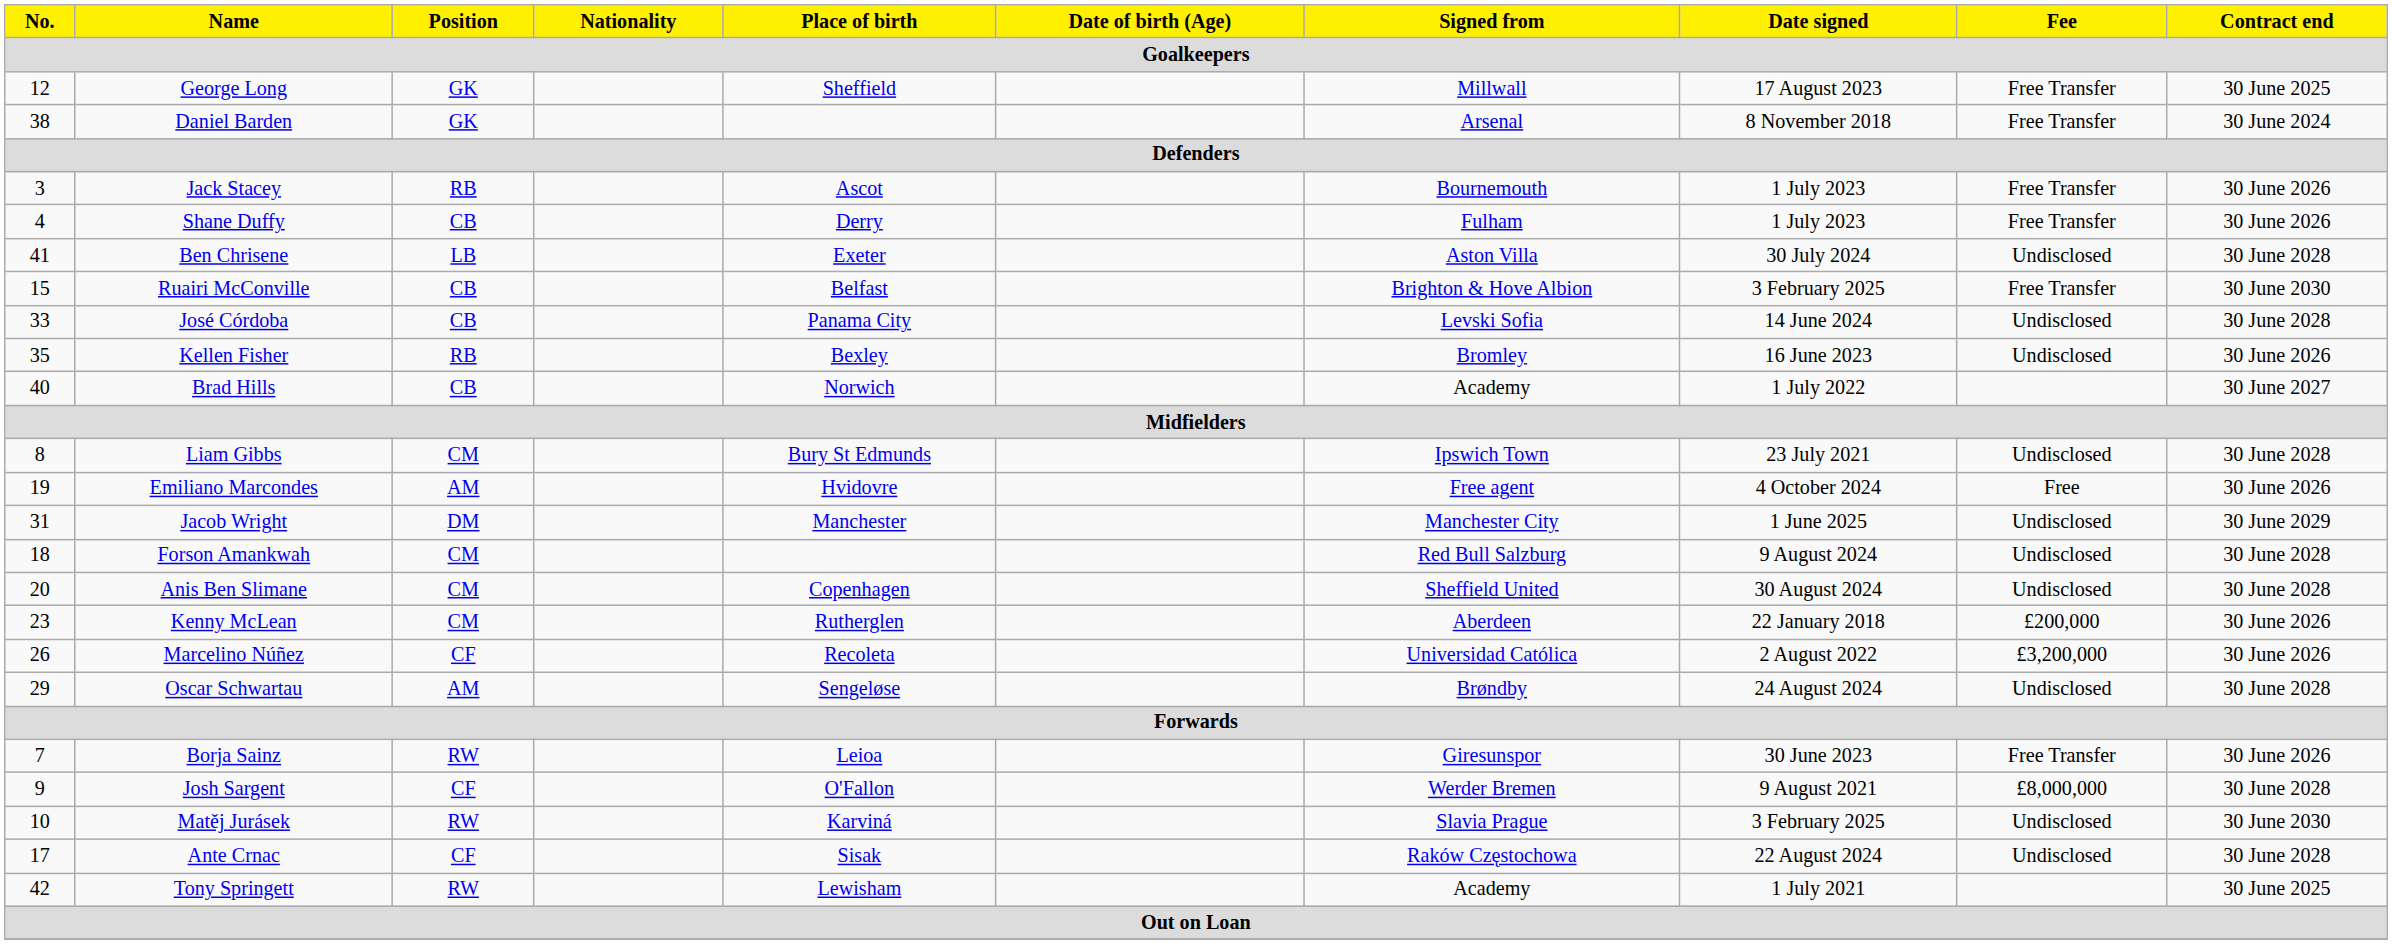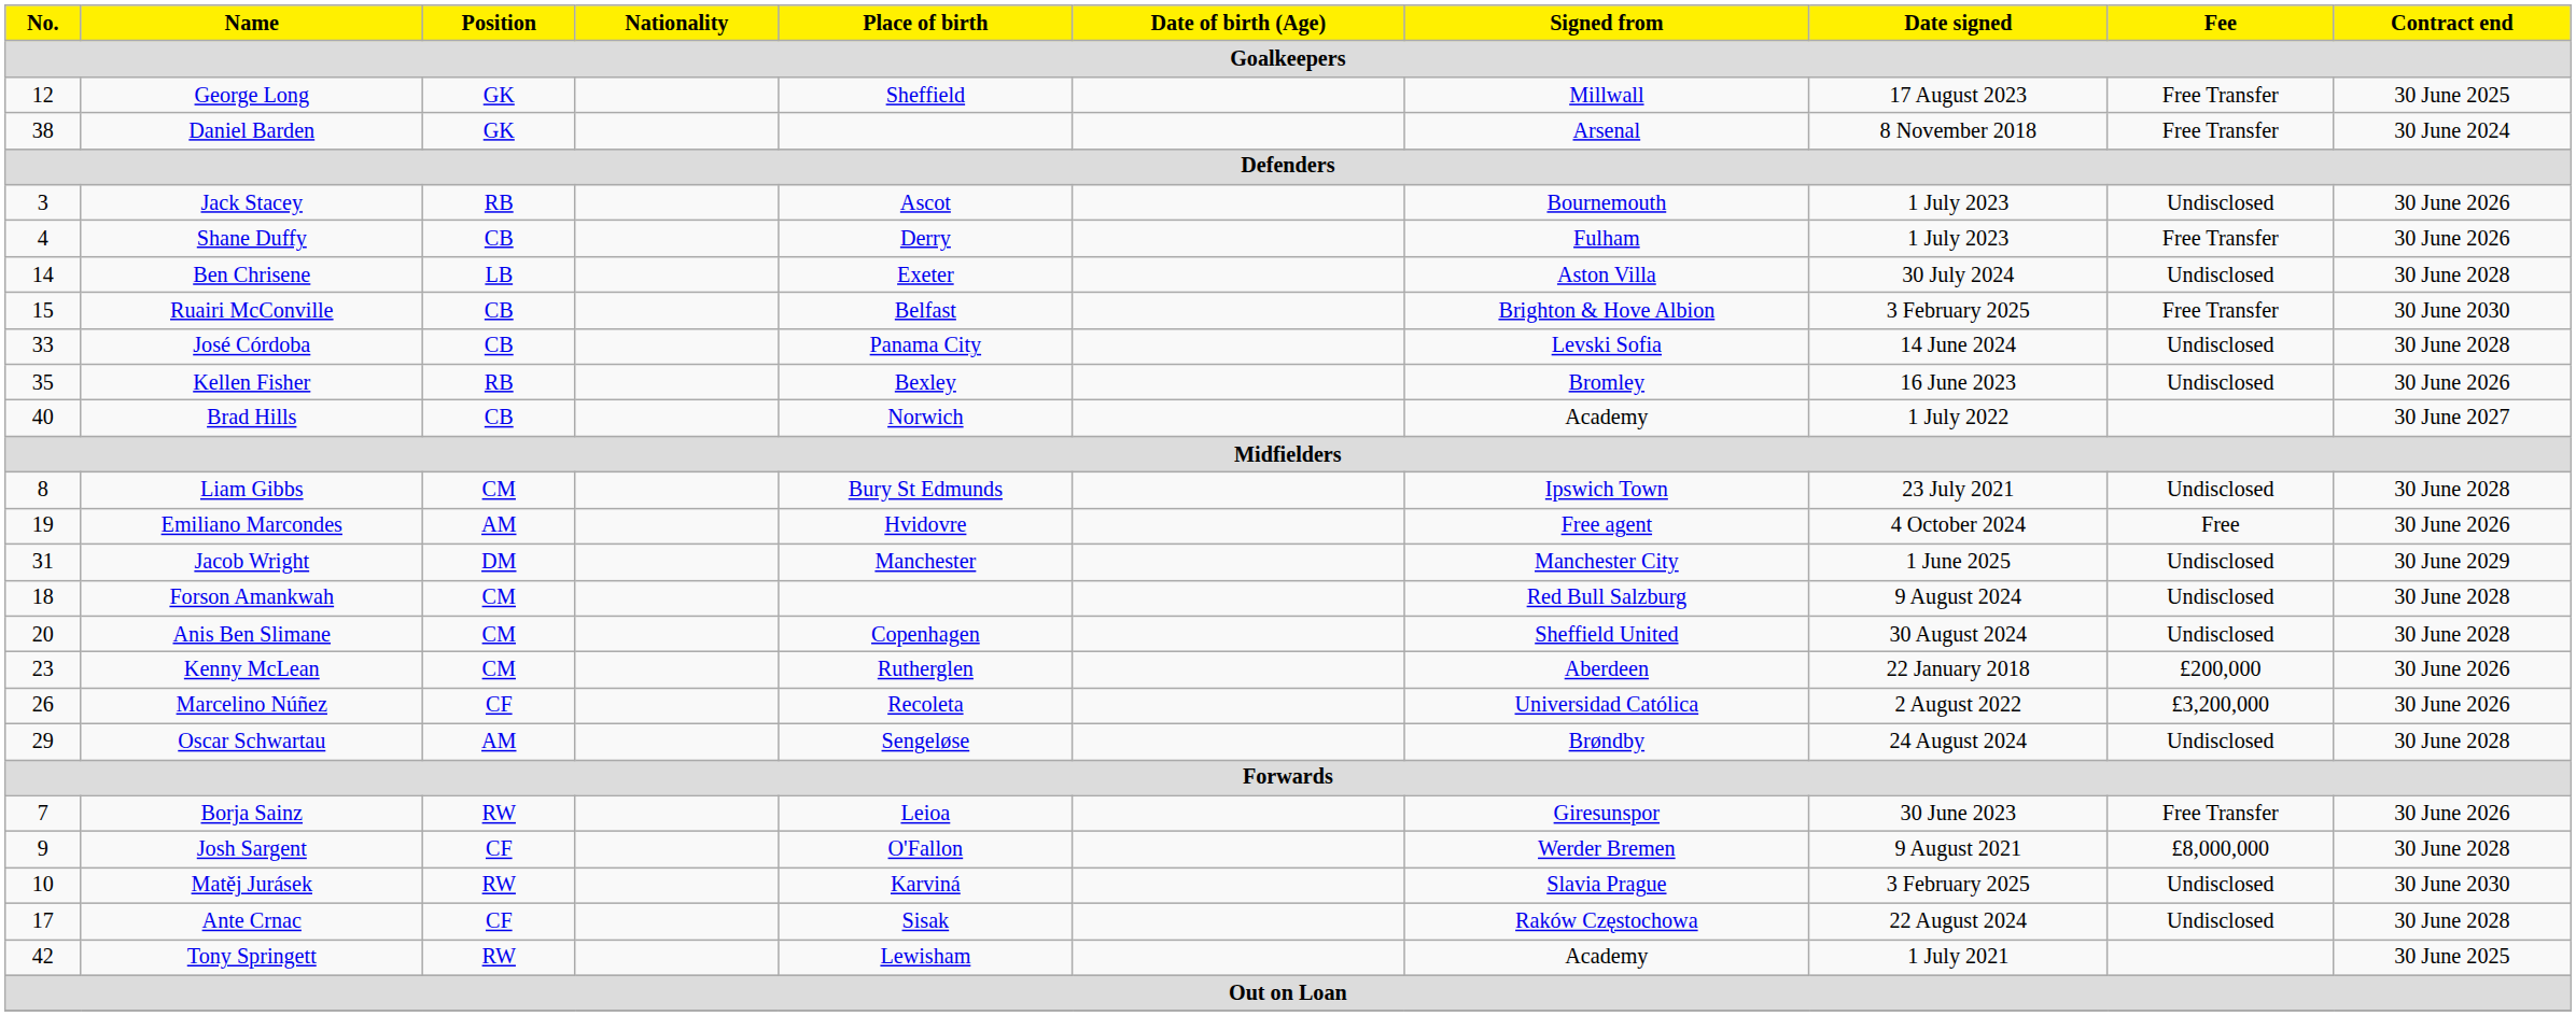 <table class="wikitable" style="text-align:center; font-size:84.5%; width:101%;">
 <tr>
 <th style="background:#fff000;color:#000000;">No.</th>
 <th style="background:#fff000;color:#000000;">Name</th>
 <th style="background:#fff000;color:#000000;">Position</th>
 <th style="background:#fff000;color:#000000;">Nationality</th>
 <th style="background:#fff000;color:#000000;">Place of birth</th>
 <th style="background:#fff000;color:#000000;">Date of birth (Age)</th>
 <th style="background:#fff000;color:#000000;">Signed from</th>
 <th style="background:#fff000;color:#000000;">Date signed</th>
 <th style="background:#fff000;color:#000000;">Fee</th>
 <th style="background:#fff000;color:#000000;">Contract end</th>
 </tr>
 <tr>
 <th colspan="14" style="background:#dcdcdc; tepxt-align:center;">Goalkeepers</th>
 </tr>
 <tr>
 <td>12</td>
 <td><a href='#'>George Long</a></td>
 <td><a href='#'>GK</a></td>
 <td></td>
 <td><a href='#'>Sheffield</a></td>
 <td></td>
 <td><a href='#'>Millwall</a></td>
 <td>17 August 2023</td>
 <td>Free Transfer</td>
 <td>30 June 2025</td>
 </tr>
 <tr>
 <td>38</td>
 <td><a href='#'>Daniel Barden</a></td>
 <td><a href='#'>GK</a></td>
 <td></td>
 <td></td>
 <td></td>
 <td><a href='#'>Arsenal</a></td>
 <td>8 November 2018</td>
 <td>Free Transfer</td>
 <td>30 June 2024</td>
 </tr>
 <tr>
 <th colspan="14" style="background:#dcdcdc; tepxt-align:center;">Defenders</th>
 </tr>
 <tr>
 <td>3</td>
 <td><a href='#'>Jack Stacey</a></td>
 <td><a href='#'>RB</a></td>
 <td></td>
 <td><a href='#'>Ascot</a></td>
 <td></td>
 <td><a href='#'>Bournemouth</a></td>
 <td>1 July 2023</td>
-<td>Free Transfer</td>
+<td>Undisclosed</td>
 <td>30 June 2026</td>
 </tr>
 <tr>
 <td>4</td>
 <td><a href='#'>Shane Duffy</a></td>
 <td><a href='#'>CB</a></td>
 <td></td>
 <td> <a href='#'>Derry</a></td>
 <td></td>
 <td><a href='#'>Fulham</a></td>
 <td>1 July 2023</td>
 <td>Free Transfer</td>
 <td>30 June 2026</td>
 </tr>
 <tr>
-<td>41</td>
+<td>14</td>
 <td><a href='#'>Ben Chrisene</a></td>
 <td><a href='#'>LB</a></td>
 <td></td>
 <td><a href='#'>Exeter</a></td>
 <td></td>
 <td><a href='#'>Aston Villa</a></td>
 <td>30 July 2024</td>
 <td>Undisclosed</td>
 <td>30 June 2028</td>
 </tr>
 <tr>
 <td>15</td>
 <td><a href='#'>Ruairi McConville</a></td>
 <td><a href='#'>CB</a></td>
 <td></td>
 <td><a href='#'>Belfast</a></td>
 <td></td>
 <td><a href='#'>Brighton & Hove Albion</a></td>
 <td>3 February 2025</td>
 <td>Free Transfer</td>
 <td>30 June 2030</td>
 </tr>
 <tr>
 <td>33</td>
 <td><a href='#'>José Córdoba</a></td>
 <td><a href='#'>CB</a></td>
 <td></td>
 <td><a href='#'>Panama City</a></td>
 <td></td>
 <td> <a href='#'>Levski Sofia</a></td>
 <td>14 June 2024</td>
 <td>Undisclosed</td>
 <td>30 June 2028</td>
 </tr>
 <tr>
 <td>35</td>
 <td><a href='#'>Kellen Fisher</a></td>
 <td><a href='#'>RB</a></td>
 <td></td>
 <td><a href='#'>Bexley</a></td>
 <td></td>
 <td><a href='#'>Bromley</a></td>
 <td>16 June 2023</td>
 <td>Undisclosed</td>
 <td>30 June 2026</td>
 </tr>
 <tr>
 <td>40</td>
 <td><a href='#'>Brad Hills</a></td>
 <td><a href='#'>CB</a></td>
 <td></td>
 <td><a href='#'>Norwich</a></td>
 <td></td>
 <td>Academy</td>
 <td>1 July 2022</td>
 <td></td>
 <td>30 June 2027</td>
 </tr>
 <tr>
 <th colspan="14" style="background:#dcdcdc; tepxt-align:center;">Midfielders</th>
 </tr>
 <tr>
 <td>8</td>
 <td><a href='#'>Liam Gibbs</a></td>
 <td><a href='#'>CM</a></td>
 <td></td>
 <td><a href='#'>Bury St Edmunds</a></td>
 <td></td>
 <td><a href='#'>Ipswich Town</a></td>
 <td>23 July 2021</td>
 <td>Undisclosed</td>
 <td>30 June 2028</td>
 </tr>
 <tr>
 <td>19</td>
 <td><a href='#'>Emiliano Marcondes</a></td>
 <td><a href='#'>AM</a></td>
 <td></td>
 <td><a href='#'>Hvidovre</a></td>
 <td></td>
 <td><a href='#'>Free agent</a></td>
 <td>4 October 2024</td>
 <td>Free</td>
 <td>30 June 2026</td>
 </tr>
 <tr>
 <td>31</td>
 <td><a href='#'>Jacob Wright</a></td>
 <td><a href='#'>DM</a></td>
 <td></td>
 <td><a href='#'>Manchester</a></td>
 <td></td>
 <td><a href='#'>Manchester City</a></td>
 <td>1 June 2025</td>
 <td>Undisclosed</td>
 <td>30 June 2029</td>
 </tr>
 <tr>
 <td>18</td>
 <td><a href='#'>Forson Amankwah</a></td>
 <td><a href='#'>CM</a></td>
 <td></td>
 <td></td>
 <td></td>
 <td> <a href='#'>Red Bull Salzburg</a></td>
 <td>9 August 2024</td>
 <td>Undisclosed</td>
 <td>30 June 2028</td>
 </tr>
 <tr>
 <td>20</td>
 <td><a href='#'>Anis Ben Slimane</a></td>
 <td><a href='#'>CM</a></td>
 <td></td>
 <td> <a href='#'>Copenhagen</a></td>
 <td></td>
 <td><a href='#'>Sheffield United</a></td>
 <td>30 August 2024</td>
 <td>Undisclosed</td>
 <td>30 June 2028</td>
 </tr>
 <tr>
 <td>23</td>
 <td><a href='#'>Kenny McLean</a></td>
 <td><a href='#'>CM</a></td>
 <td></td>
 <td><a href='#'>Rutherglen</a></td>
 <td></td>
 <td> <a href='#'>Aberdeen</a></td>
 <td>22 January 2018</td>
 <td>£200,000</td>
 <td>30 June 2026</td>
 </tr>
 <tr>
 <td>26</td>
 <td><a href='#'>Marcelino Núñez</a></td>
 <td><a href='#'>CF</a></td>
 <td></td>
 <td><a href='#'>Recoleta</a></td>
 <td></td>
 <td> <a href='#'>Universidad Católica</a></td>
 <td>2 August 2022</td>
 <td>£3,200,000</td>
 <td>30 June 2026</td>
 </tr>
 <tr>
 <td>29</td>
 <td><a href='#'>Oscar Schwartau</a></td>
 <td><a href='#'>AM</a></td>
 <td></td>
 <td><a href='#'>Sengeløse</a></td>
 <td></td>
 <td> <a href='#'>Brøndby</a></td>
 <td>24 August 2024</td>
 <td>Undisclosed</td>
 <td>30 June 2028</td>
 </tr>
 <tr>
 <th colspan="14" style="background:#dcdcdc; tepxt-align:center;">Forwards</th>
 </tr>
 <tr>
 <td>7</td>
 <td><a href='#'>Borja Sainz</a></td>
 <td><a href='#'>RW</a></td>
 <td></td>
 <td><a href='#'>Leioa</a></td>
 <td></td>
 <td> <a href='#'>Giresunspor</a></td>
 <td>30 June 2023</td>
 <td>Free Transfer</td>
 <td>30 June 2026</td>
 </tr>
 <tr>
 <td>9</td>
 <td><a href='#'>Josh Sargent</a></td>
 <td><a href='#'>CF</a></td>
 <td></td>
 <td><a href='#'>O'Fallon</a></td>
 <td></td>
 <td> <a href='#'>Werder Bremen</a></td>
 <td>9 August 2021</td>
 <td>£8,000,000</td>
 <td>30 June 2028</td>
 </tr>
 <tr>
 <td>10</td>
 <td><a href='#'>Matěj Jurásek</a></td>
 <td><a href='#'>RW</a></td>
 <td></td>
 <td><a href='#'>Karviná</a></td>
 <td></td>
 <td> <a href='#'>Slavia Prague</a></td>
 <td>3 February 2025</td>
 <td>Undisclosed</td>
 <td>30 June 2030</td>
 </tr>
 <tr>
 <td>17</td>
 <td><a href='#'>Ante Crnac</a></td>
 <td><a href='#'>CF</a></td>
 <td></td>
 <td><a href='#'>Sisak</a></td>
 <td></td>
 <td> <a href='#'>Raków Częstochowa</a></td>
 <td>22 August 2024</td>
 <td>Undisclosed</td>
 <td>30 June 2028</td>
 </tr>
 <tr>
 <td>42</td>
 <td><a href='#'>Tony Springett</a></td>
 <td><a href='#'>RW</a></td>
 <td></td>
 <td> <a href='#'>Lewisham</a></td>
 <td></td>
 <td>Academy</td>
 <td>1 July 2021</td>
 <td></td>
 <td>30 June 2025</td>
 </tr>
 <tr>
 <th colspan="14" style="background:#dcdcdc; tepxt-align:center;">Out on Loan</th>
 </tr>
 <tr>
 </tr>
 </table>
